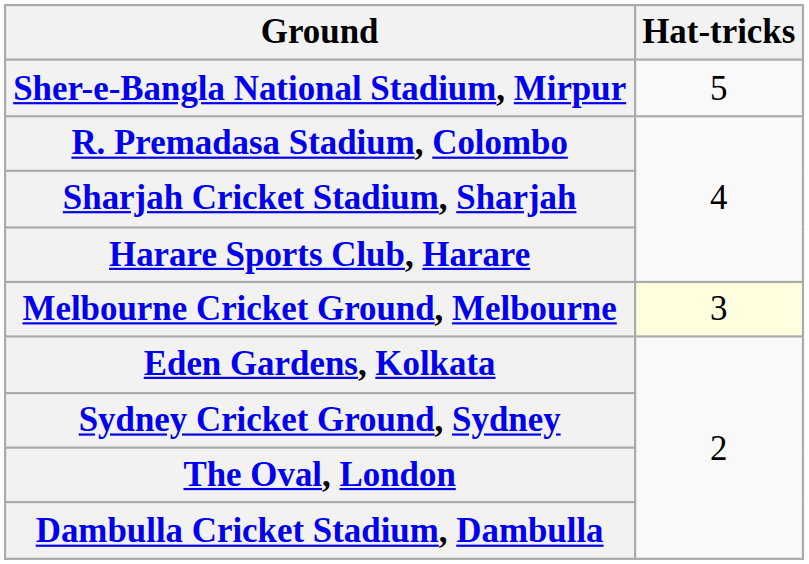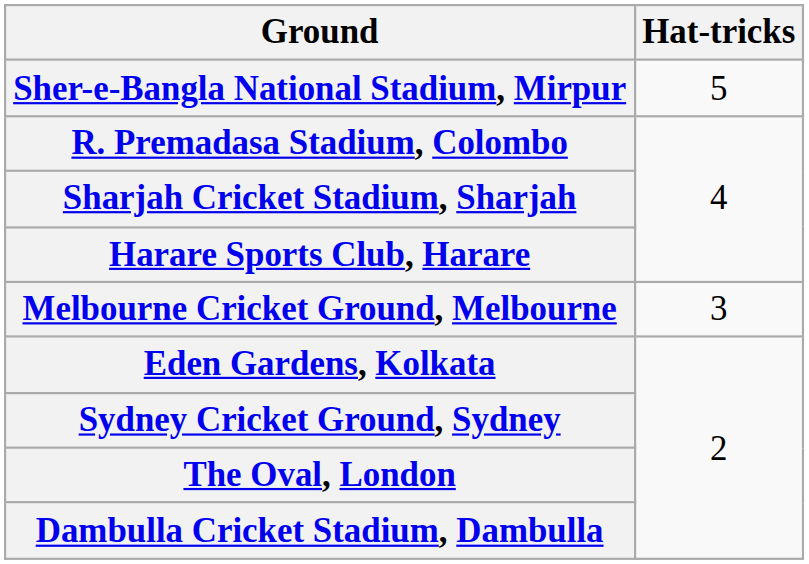 <table class="wikitable plainrowheaders" style="text-align:center">
 <tr>
 <th>Ground</th>
 <th>Hat-tricks</th>
 </tr>
 <tr>
 <th scope=row> <a href='#'>Sher-e-Bangla National Stadium</a>, <a href='#'>Mirpur</a></th>
 <td>5</td>
 </tr>
 <tr>
 <th scope=row> <a href='#'>R. Premadasa Stadium</a>, <a href='#'>Colombo</a></th>
 <td rowspan=3>4</td>
 </tr>
 <tr>
 <th scope=row> <a href='#'>Sharjah Cricket Stadium</a>, <a href='#'>Sharjah</a></th>
 </tr>
 <tr>
 <th scope=row> <a href='#'>Harare Sports Club</a>, <a href='#'>Harare</a></th>
 </tr>
 <tr>
 <th scope=row> <a href='#'>Melbourne Cricket Ground</a>, <a href='#'>Melbourne</a></th>
-<td style="background: lightyellow;">3</td>
+<td>3</td>
 </tr>
 <tr>
 <th scope=row> <a href='#'>Eden Gardens</a>, <a href='#'>Kolkata</a></th>
 <td rowspan=4>2</td>
 </tr>
 <tr>
 <th scope=row> <a href='#'>Sydney Cricket Ground</a>, <a href='#'>Sydney</a></th>
 </tr>
 <tr>
 <th scope=row> <a href='#'>The Oval</a>, <a href='#'>London</a></th>
 </tr>
 <tr>
 <th scope=row> <a href='#'>Dambulla Cricket Stadium</a>, <a href='#'>Dambulla</a></th>
 </tr>
 </table>
